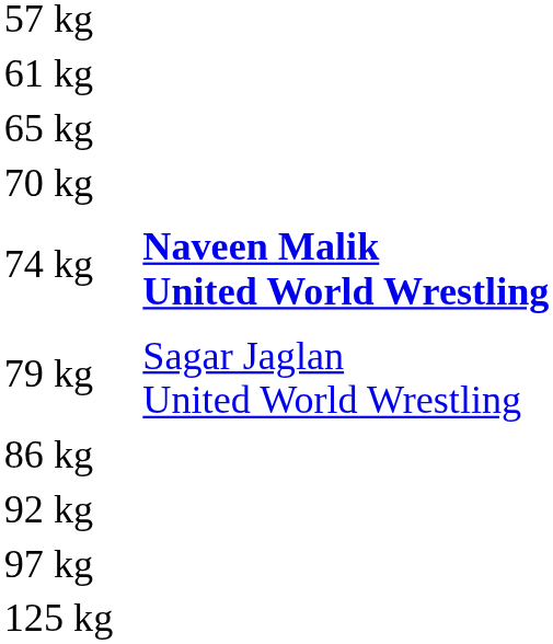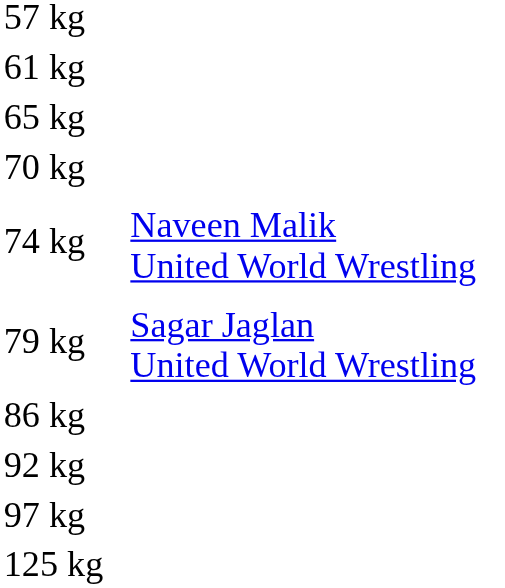 <table>
 <tr>
 <td rowspan=2>57 kg<br></td>
 <td rowspan=2></td>
 <td rowspan=2></td>
 <td></td>
 </tr>
 <tr>
 <td></td>
 </tr>
 <tr>
 <td rowspan=2>61 kg<br></td>
 <td rowspan=2></td>
 <td rowspan=2></td>
 <td></td>
 </tr>
 <tr>
 <td></td>
 </tr>
 <tr>
 <td rowspan=2>65 kg<br></td>
 <td rowspan=2></td>
 <td rowspan=2></td>
 <td></td>
 </tr>
 <tr>
 <td></td>
 </tr>
 <tr>
 <td rowspan=2>70 kg<br></td>
 <td rowspan=2></td>
 <td rowspan=2></td>
 <td></td>
 </tr>
 <tr>
 <td></td>
 </tr>
 <tr>
 <td rowspan=2>74 kg<br></td>
 <td rowspan=2></td>
 <td rowspan=2></td>
 <td></td>
 </tr>
 <tr>
-<td><strong><a href='#'>Naveen Malik</a><br><a href='#'>United World Wrestling</a></strong></td>
+<td><a href='#'>Naveen Malik</a><br><a href='#'>United World Wrestling</a></td>
 </tr>
 <tr>
 <td rowspan=2>79 kg<br></td>
 <td rowspan=2></td>
 <td rowspan=2></td>
 <td></td>
 </tr>
 <tr>
 <td><a href='#'>Sagar Jaglan</a><br><a href='#'>United World Wrestling</a></td>
 </tr>
 <tr>
 <td rowspan=2>86 kg<br></td>
 <td rowspan=2></td>
 <td rowspan=2></td>
 <td></td>
 </tr>
 <tr>
 <td></td>
 </tr>
 <tr>
 <td rowspan=2>92 kg<br></td>
 <td rowspan=2></td>
 <td rowspan=2></td>
 <td></td>
 </tr>
 <tr>
 <td></td>
 </tr>
 <tr>
 <td rowspan=2>97 kg<br></td>
 <td rowspan=2></td>
 <td rowspan=2></td>
 <td></td>
 </tr>
 <tr>
 <td></td>
 </tr>
 <tr>
 <td rowspan=2>125 kg<br></td>
 <td rowspan=2></td>
 <td rowspan=2></td>
 <td></td>
 </tr>
 <tr>
 <td></td>
 </tr>
 </table>
